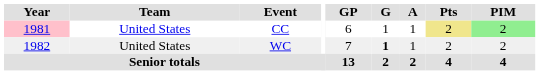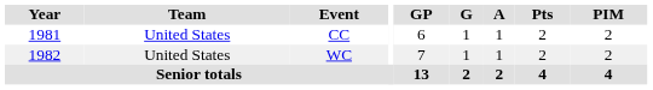 <table border="0" cellpadding="1" cellspacing="0" ID="Table3" style="text-align:center; width:40em">
 <tr bgcolor="#e0e0e0">
 <th>Year</th>
 <th>Team</th>
 <th>Event</th>
 <th rowspan="102" bgcolor="#ffffff"></th>
 <th>GP</th>
 <th>G</th>
 <th>A</th>
 <th>Pts</th>
 <th>PIM</th>
 </tr>
 <tr>
-<td style="background: pink;"><a href='#'>1981</a></td>
+<td><a href='#'>1981</a></td>
 <td><a href='#'>United States</a></td>
 <td><a href='#'>CC</a></td>
 <td>6</td>
 <td>1</td>
 <td>1</td>
-<td style="background: khaki;">2</td>
-<td style="background: lightgreen;">2</td>
+<td>2</td>
+<td>2</td>
 </tr>
 <tr bgcolor="#f0f0f0">
 <td><a href='#'>1982</a></td>
 <td>United States</td>
 <td><a href='#'>WC</a></td>
 <td>7</td>
-<td><strong>1</strong></td>
+<td>1</td>
 <td>1</td>
 <td>2</td>
 <td>2</td>
 </tr>
 <tr bgcolor="#e0e0e0">
 <th colspan="4">Senior totals</th>
 <th>13</th>
 <th>2</th>
 <th>2</th>
 <th>4</th>
 <th>4</th>
 </tr>
 </table>
